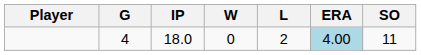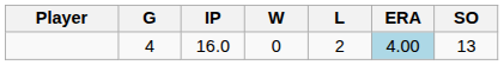 <table class="wikitable sortable">
 <tr>
 <th bgcolor="#DDDDFF" width="16%">Player</th>
 <th bgcolor="#DDDDFF" width="9%">G</th>
 <th bgcolor="#DDDDFF" width="9%">IP</th>
 <th bgcolor="#DDDDFF" width="9%">W</th>
 <th bgcolor="#DDDDFF" width="9%">L</th>
 <th bgcolor="#DDDDFF" width="9%">ERA</th>
 <th bgcolor="#DDDDFF" width="9%">SO</th>
 </tr>
 <tr align="center">
 <td></td>
 <td>4</td>
-<td>18.0</td>
+<td>16.0</td>
 <td>0</td>
 <td>2</td>
 <td style="background: lightblue;">4.00</td>
-<td>11</td>
+<td>13</td>
 </tr>
 </table>
